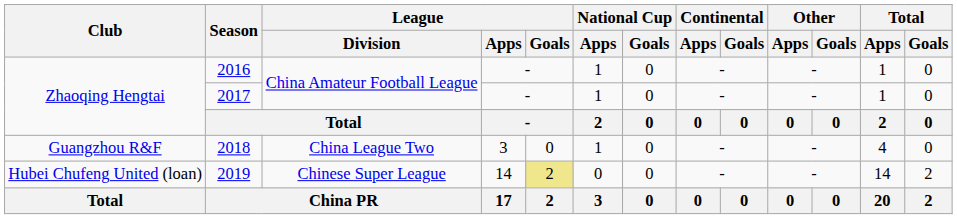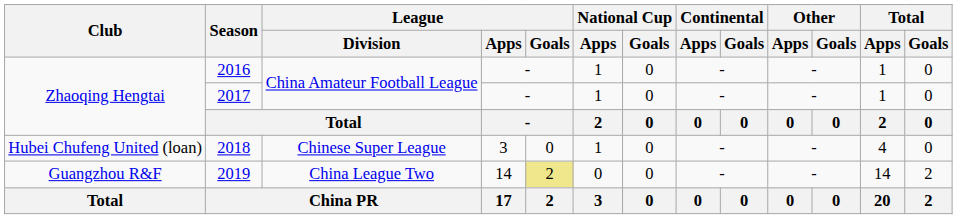 <table class="wikitable" style="text-align: center">
 <tr>
 <th rowspan="2">Club</th>
 <th rowspan="2">Season</th>
 <th colspan="3">League</th>
 <th colspan="2">National Cup</th>
 <th colspan="2">Continental</th>
 <th colspan="2">Other</th>
 <th colspan="2">Total</th>
 </tr>
 <tr>
 <th>Division</th>
 <th>Apps</th>
 <th>Goals</th>
 <th>Apps</th>
 <th>Goals</th>
 <th>Apps</th>
 <th>Goals</th>
 <th>Apps</th>
 <th>Goals</th>
 <th>Apps</th>
 <th>Goals</th>
 </tr>
 <tr>
 <td rowspan="3"><a href='#'>Zhaoqing Hengtai</a></td>
 <td><a href='#'>2016</a></td>
 <td rowspan="2"><a href='#'>China Amateur Football League</a></td>
 <td colspan="2">-</td>
 <td>1</td>
 <td>0</td>
 <td colspan="2">-</td>
 <td colspan="2">-</td>
 <td>1</td>
 <td>0</td>
 </tr>
 <tr>
 <td><a href='#'>2017</a></td>
 <td colspan="2">-</td>
 <td>1</td>
 <td>0</td>
 <td colspan="2">-</td>
 <td colspan="2">-</td>
 <td>1</td>
 <td>0</td>
 </tr>
 <tr>
 <th colspan="2"><strong>Total</strong></th>
 <th colspan="2">-</th>
 <th>2</th>
 <th>0</th>
 <th>0</th>
 <th>0</th>
 <th>0</th>
 <th>0</th>
 <th>2</th>
 <th>0</th>
 </tr>
 <tr>
-<td><a href='#'>Guangzhou R&F</a></td>
+<td><a href='#'>Hubei Chufeng United</a> (loan)</td>
 <td><a href='#'>2018</a></td>
-<td><a href='#'>China League Two</a></td>
+<td><a href='#'>Chinese Super League</a></td>
 <td>3</td>
 <td>0</td>
 <td>1</td>
 <td>0</td>
 <td colspan="2">-</td>
 <td colspan="2">-</td>
 <td>4</td>
 <td>0</td>
 </tr>
 <tr>
-<td><a href='#'>Hubei Chufeng United</a> (loan)</td>
+<td><a href='#'>Guangzhou R&F</a></td>
 <td><a href='#'>2019</a></td>
-<td><a href='#'>Chinese Super League</a></td>
+<td><a href='#'>China League Two</a></td>
 <td>14</td>
 <td style="background: khaki;">2</td>
 <td>0</td>
 <td>0</td>
 <td colspan="2">-</td>
 <td colspan="2">-</td>
 <td>14</td>
 <td>2</td>
 </tr>
 <tr>
 <th rowspan=3>Total</th>
 <th colspan=2>China PR</th>
 <th>17</th>
 <th>2</th>
 <th>3</th>
 <th>0</th>
 <th>0</th>
 <th>0</th>
 <th>0</th>
 <th>0</th>
 <th>20</th>
 <th>2</th>
 </tr>
 </table>
